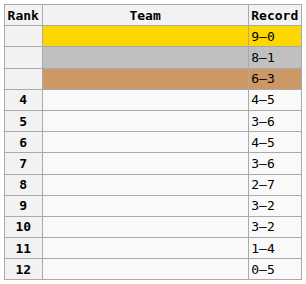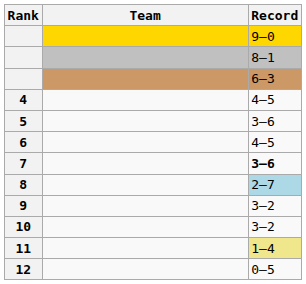 <table class="wikitable">
 <tr>
 <th>Rank</th>
 <th width=200px>Team</th>
 <th>Record</th>
 </tr>
 <tr bgcolor=gold>
 <th></th>
 <td></td>
 <td>9–0</td>
 </tr>
 <tr bgcolor=silver>
 <th></th>
 <td></td>
 <td>8–1</td>
 </tr>
 <tr bgcolor=cc9966>
 <th></th>
 <td></td>
 <td>6–3</td>
 </tr>
 <tr>
 <th>4</th>
 <td></td>
 <td>4–5</td>
 </tr>
 <tr>
 <th>5</th>
 <td></td>
 <td>3–6</td>
 </tr>
 <tr>
 <th>6</th>
 <td></td>
 <td>4–5</td>
 </tr>
 <tr>
 <th>7</th>
 <td></td>
-<td>3–6</td>
+<td><strong>3–6</strong></td>
 </tr>
 <tr>
 <th>8</th>
 <td></td>
-<td>2–7</td>
+<td style="background: lightblue;">2–7</td>
 </tr>
 <tr>
 <th>9</th>
 <td></td>
 <td>3–2</td>
 </tr>
 <tr>
 <th>10</th>
 <td></td>
 <td>3–2</td>
 </tr>
 <tr>
 <th>11</th>
 <td></td>
-<td>1–4</td>
+<td style="background: khaki;">1–4</td>
 </tr>
 <tr>
 <th>12</th>
 <td></td>
 <td>0–5</td>
 </tr>
 <tr>
 </tr>
 </table>
